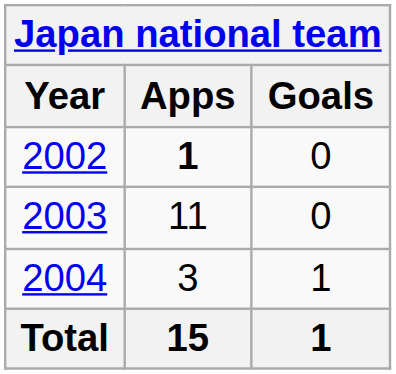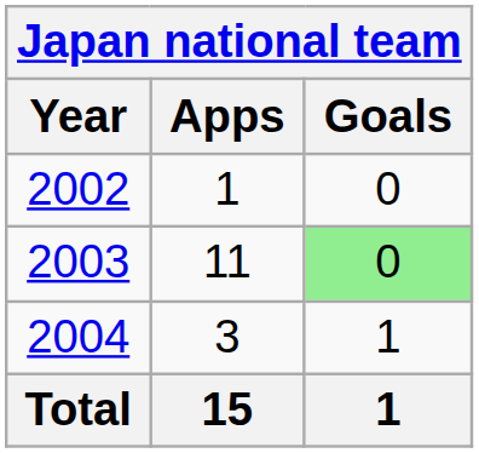 <table class="wikitable" style="text-align:center">
 <tr>
 <th colspan=3><a href='#'>Japan national team</a></th>
 </tr>
 <tr>
 <th>Year</th>
 <th>Apps</th>
 <th>Goals</th>
 </tr>
 <tr>
 <td><a href='#'>2002</a></td>
-<td><strong>1</strong></td>
+<td>1</td>
 <td>0</td>
 </tr>
 <tr>
 <td><a href='#'>2003</a></td>
 <td>11</td>
-<td>0</td>
+<td style="background: lightgreen;">0</td>
 </tr>
 <tr>
 <td><a href='#'>2004</a></td>
 <td>3</td>
 <td>1</td>
 </tr>
 <tr>
 <th>Total</th>
 <th>15</th>
 <th>1</th>
 </tr>
 </table>
